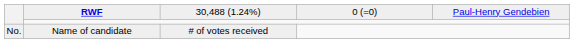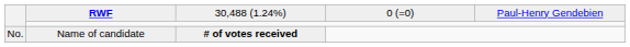 <table class="wikitable collapsible collapsed" style=text-align:left;font-size:90%>
 <tr>
 <th rowspan=2></th>
 <td bgcolor=efefef width=200 align=center><strong> <a href='#'>RWF</a> </strong></td>
 <td bgcolor=efefef width=200 align=center>30,488 (1.24%)</td>
 <td bgcolor=efefef width=200 align=center>0 (=0)</td>
 <td bgcolor=efefef width=200 align=center><a href='#'>Paul-Henry Gendebien</a></td>
 </tr>
 <tr>
 <td colspan=4 bgcolor=></td>
 </tr>
 <tr>
 <td bgcolor=efefef align=center>No.</td>
 <td bgcolor=efefef align=center>Name of candidate</td>
-<td bgcolor=efefef align=center># of votes received</td>
+<td bgcolor=efefef align=center><strong># of votes received</strong></td>
 </tr>
 </table>
